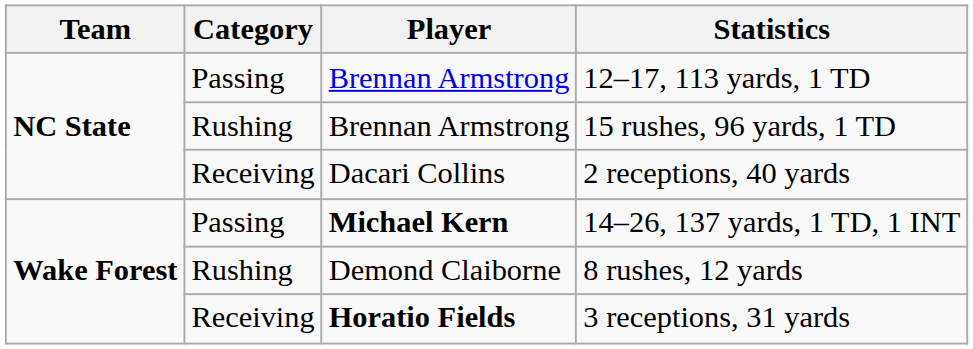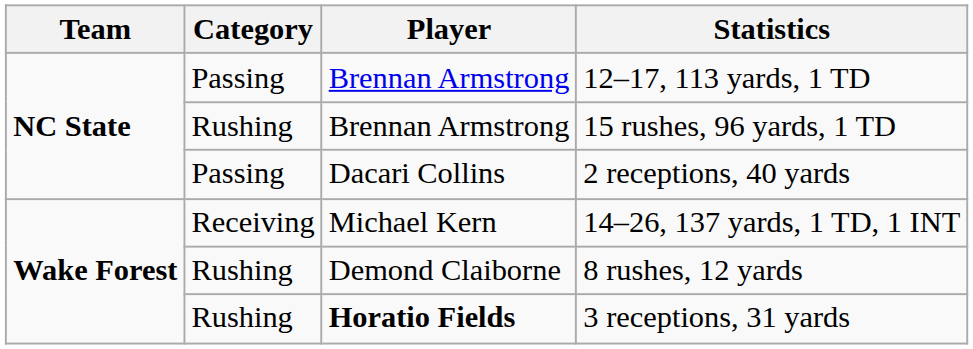 <table class="wikitable" style="float: right;">
 <tr>
 <th>Team</th>
 <th>Category</th>
 <th>Player</th>
 <th>Statistics</th>
 </tr>
 <tr>
 <td rowspan=3><strong>NC State</strong></td>
 <td>Passing</td>
 <td><a href='#'>Brennan Armstrong</a></td>
 <td>12–17, 113 yards, 1 TD</td>
 </tr>
 <tr>
 <td>Rushing</td>
 <td>Brennan Armstrong</td>
 <td>15 rushes, 96 yards, 1 TD</td>
 </tr>
 <tr>
-<td>Receiving</td>
+<td>Passing</td>
 <td>Dacari Collins</td>
 <td>2 receptions, 40 yards</td>
 </tr>
 <tr>
 <td rowspan=3><strong>Wake Forest</strong></td>
-<td>Passing</td>
-<td><strong>Michael Kern</strong></td>
+<td>Receiving</td>
+<td>Michael Kern</td>
 <td>14–26, 137 yards, 1 TD, 1 INT</td>
 </tr>
 <tr>
 <td>Rushing</td>
 <td>Demond Claiborne</td>
 <td>8 rushes, 12 yards</td>
 </tr>
 <tr>
-<td>Receiving</td>
+<td>Rushing</td>
 <td><strong>Horatio Fields</strong></td>
 <td>3 receptions, 31 yards</td>
 </tr>
 </table>
